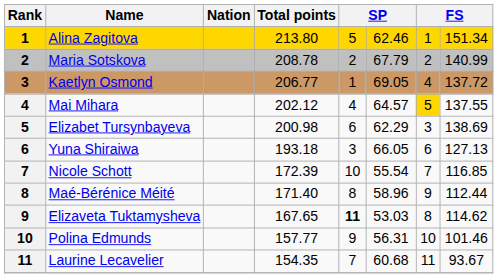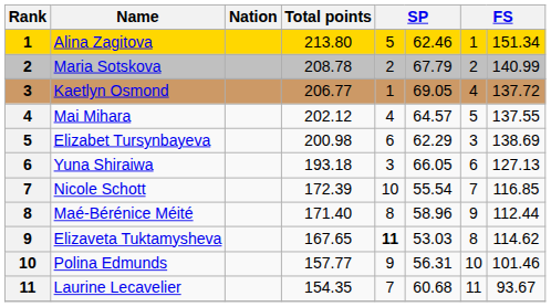 <table class="wikitable sortable">
 <tr>
 <th>Rank</th>
 <th>Name</th>
 <th>Nation</th>
 <th>Total points</th>
 <th colspan="2" width="80px"><a href='#'>SP</a></th>
 <th colspan="2" width="80px"><a href='#'>FS</a></th>
 </tr>
 <tr bgcolor="gold">
 <td align="center"><strong>1</strong></td>
 <td><a href='#'>Alina Zagitova</a></td>
 <td></td>
 <td align="center">213.80</td>
 <td align="center">5</td>
 <td align="center">62.46</td>
 <td align="center">1</td>
 <td align="center">151.34</td>
 </tr>
 <tr bgcolor="silver">
 <td align="center"><strong>2</strong></td>
 <td><a href='#'>Maria Sotskova</a></td>
 <td></td>
 <td align="center">208.78</td>
 <td align="center">2</td>
 <td align="center">67.79</td>
 <td align="center">2</td>
 <td align="center">140.99</td>
 </tr>
 <tr>
 </tr>
 <tr bgcolor="cc9966">
 <td align="center"><strong>3</strong></td>
 <td><a href='#'>Kaetlyn Osmond</a></td>
 <td></td>
 <td align="center">206.77</td>
 <td align="center">1</td>
 <td align="center">69.05</td>
 <td align="center">4</td>
 <td align="center">137.72</td>
 </tr>
 <tr>
 <th>4</th>
 <td><a href='#'>Mai Mihara</a></td>
 <td></td>
 <td align="center">202.12</td>
 <td align="center">4</td>
 <td align="center">64.57</td>
-<td align="center" style="background: gold;">5</td>
+<td align="center">5</td>
 <td align="center">137.55</td>
 </tr>
 <tr>
 <th>5</th>
 <td><a href='#'>Elizabet Tursynbayeva</a></td>
 <td></td>
 <td align="center">200.98</td>
 <td align="center">6</td>
 <td align="center">62.29</td>
 <td align="center">3</td>
 <td align="center">138.69</td>
 </tr>
 <tr>
 <th>6</th>
 <td><a href='#'>Yuna Shiraiwa</a></td>
 <td></td>
 <td align="center">193.18</td>
 <td align="center">3</td>
 <td align="center">66.05</td>
 <td align="center">6</td>
 <td align="center">127.13</td>
 </tr>
 <tr>
 <th>7</th>
 <td><a href='#'>Nicole Schott</a></td>
 <td></td>
 <td align="center">172.39</td>
 <td align="center">10</td>
 <td align="center">55.54</td>
 <td align="center">7</td>
 <td align="center">116.85</td>
 </tr>
 <tr>
 <th>8</th>
 <td><a href='#'>Maé-Bérénice Méité</a></td>
 <td></td>
 <td align="center">171.40</td>
 <td align="center">8</td>
 <td align="center">58.96</td>
 <td align="center">9</td>
 <td align="center">112.44</td>
 </tr>
 <tr>
 <th>9</th>
 <td><a href='#'>Elizaveta Tuktamysheva</a></td>
 <td></td>
 <td align="center">167.65</td>
 <td align="center"><strong>11</strong></td>
 <td align="center">53.03</td>
 <td align="center">8</td>
 <td align="center">114.62</td>
 </tr>
 <tr>
 <th>10</th>
 <td><a href='#'>Polina Edmunds</a></td>
 <td></td>
 <td align="center">157.77</td>
 <td align="center">9</td>
 <td align="center">56.31</td>
 <td align="center">10</td>
 <td align="center">101.46</td>
 </tr>
 <tr>
 <th>11</th>
 <td><a href='#'>Laurine Lecavelier</a></td>
 <td></td>
 <td align="center">154.35</td>
 <td align="center">7</td>
 <td align="center">60.68</td>
 <td align="center">11</td>
 <td align="center">93.67</td>
 </tr>
 <tr>
 </tr>
 </table>
